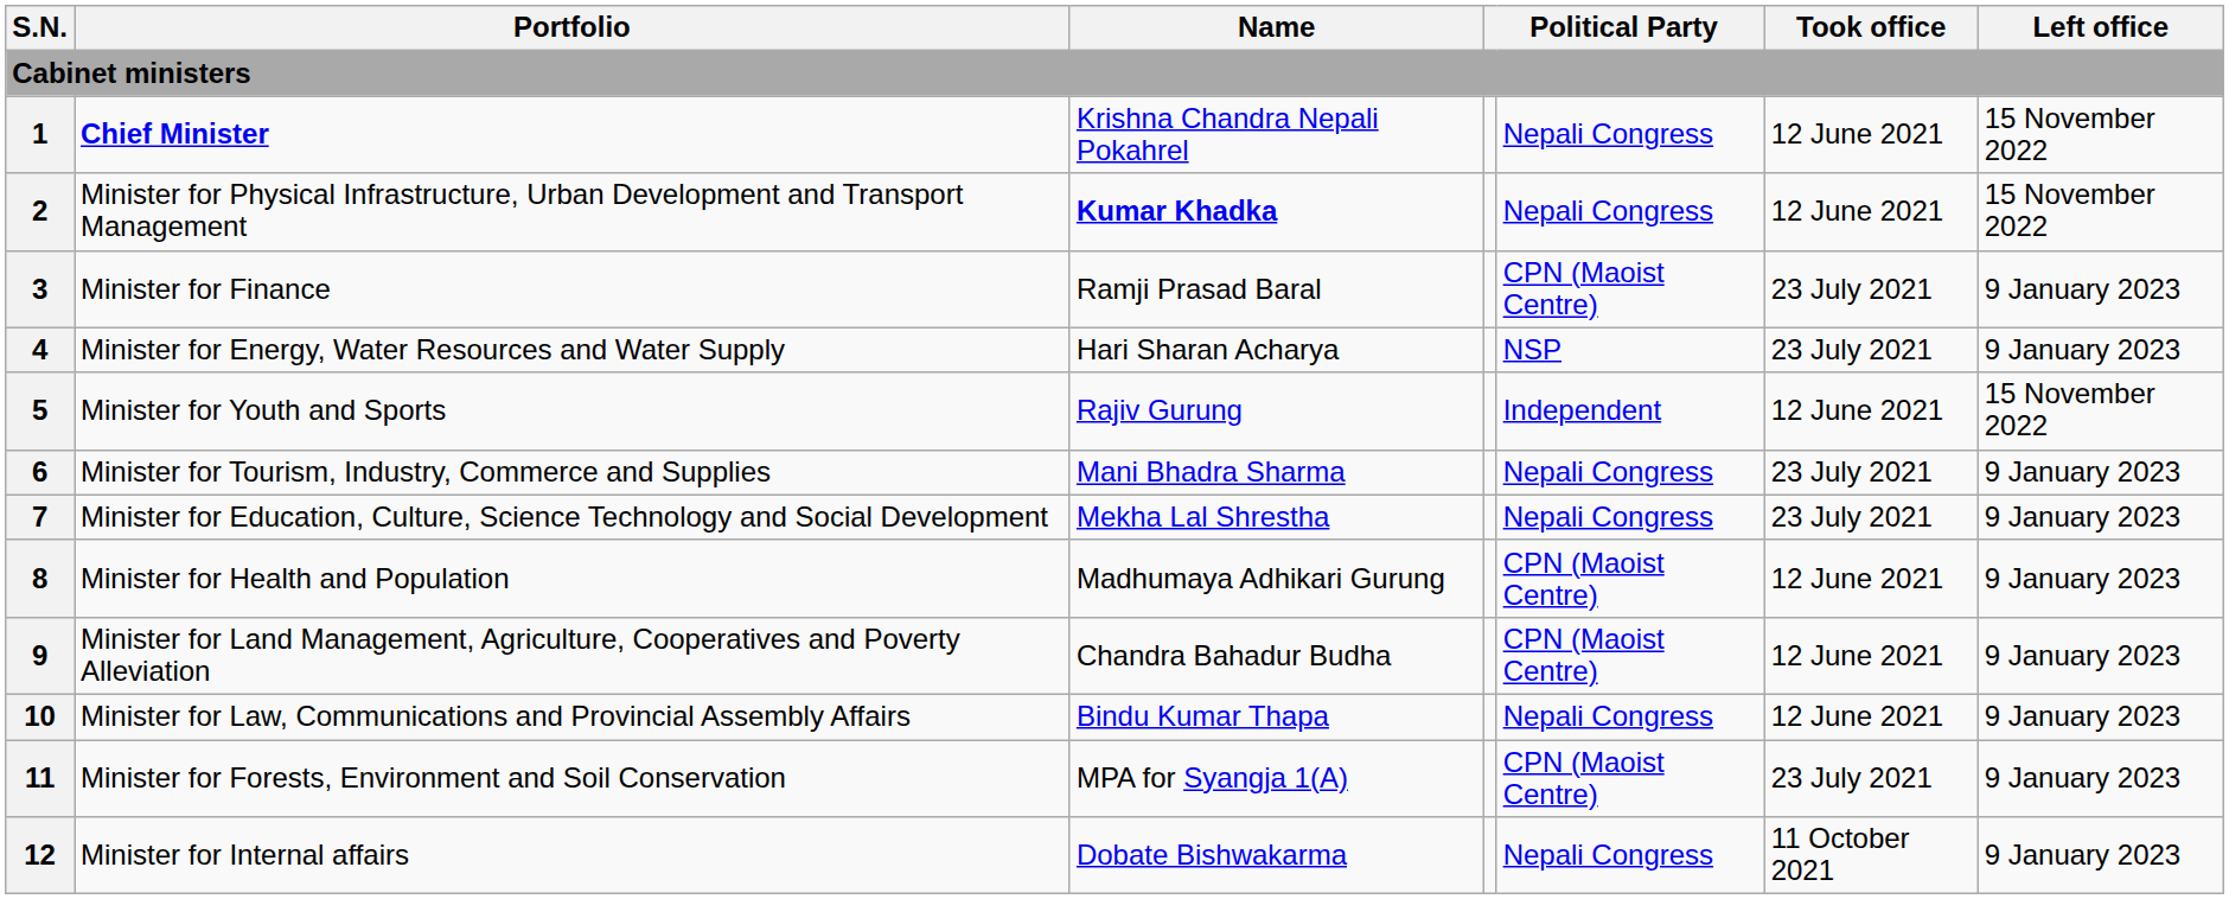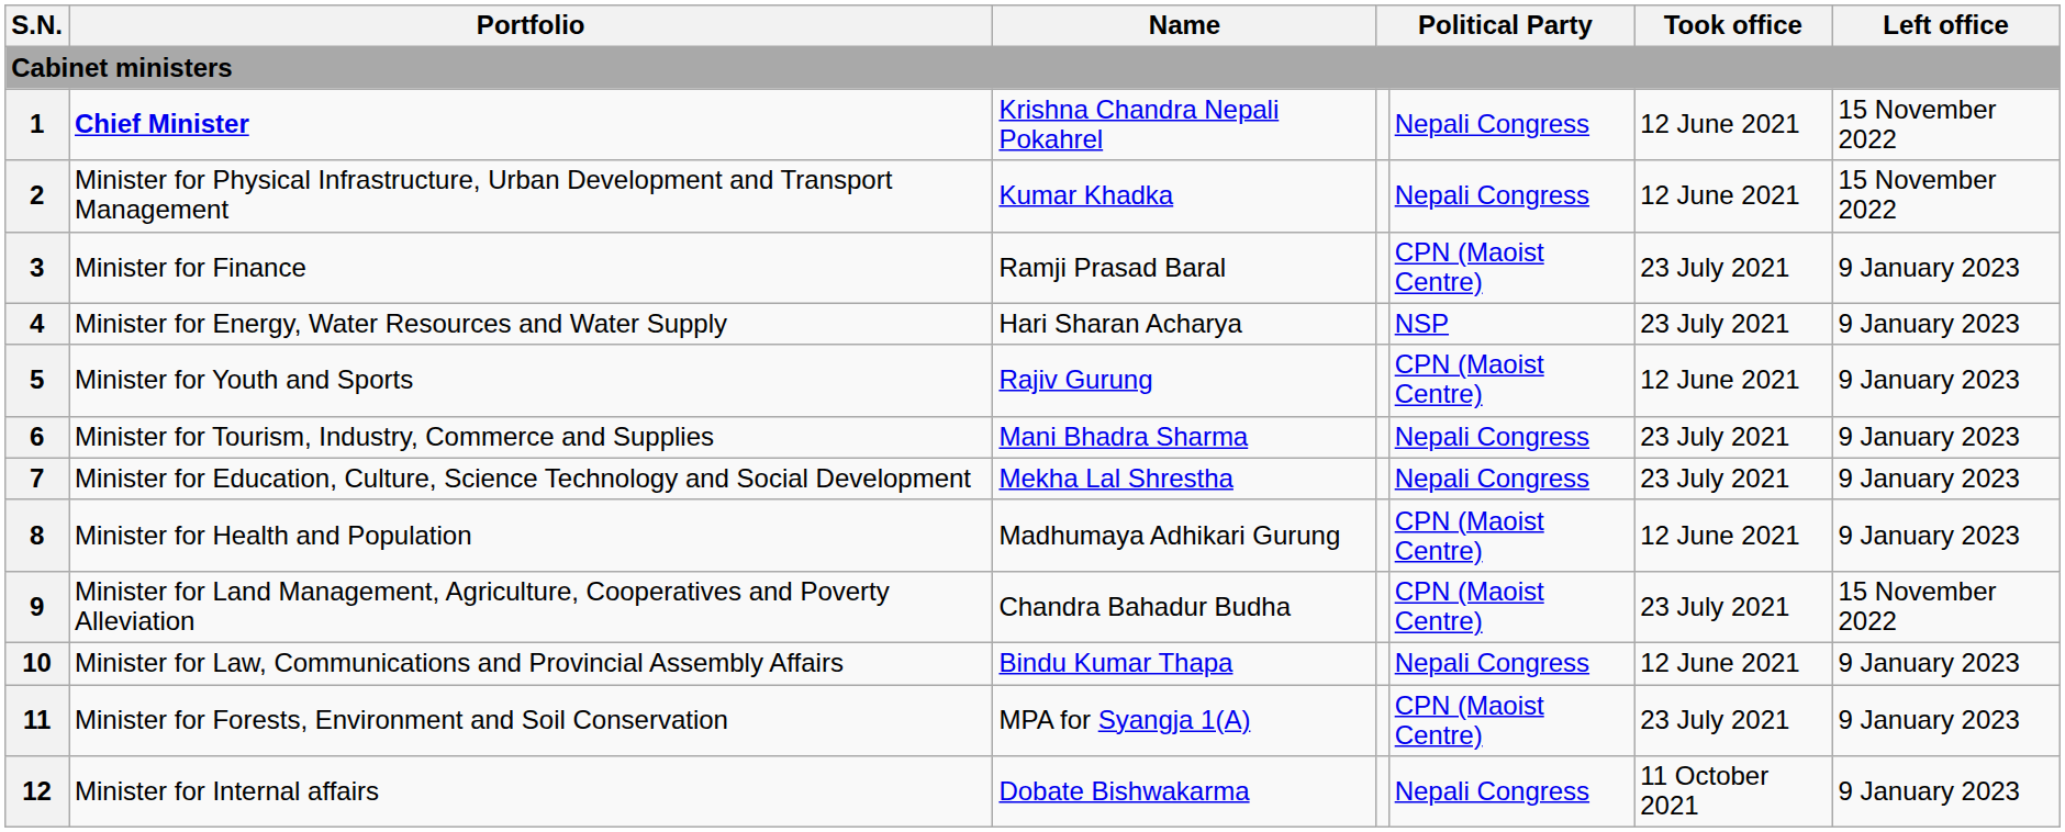 <table class="wikitable">
 <tr>
 <th>S.N.</th>
 <th>Portfolio</th>
 <th>Name<br></th>
 <th colspan="2">Political Party</th>
 <th>Took office</th>
 <th>Left office</th>
 </tr>
 <tr>
 <td colspan="7" bgcolor="darkgrey"><strong>Cabinet ministers</strong></td>
 </tr>
 <tr>
 <th>1</th>
 <td><strong><a href='#'>Chief Minister</a></strong></td>
 <td><a href='#'>Krishna Chandra Nepali Pokahrel</a><br></td>
 <td></td>
 <td><a href='#'>Nepali Congress</a></td>
 <td>12 June 2021</td>
 <td>15 November 2022</td>
 </tr>
 <tr>
 <th>2</th>
 <td>Minister for Physical Infrastructure, Urban Development and Transport Management</td>
-<td><strong><a href='#'>Kumar Khadka</a><br></strong></td>
+<td><a href='#'>Kumar Khadka</a><br></td>
 <td></td>
 <td><a href='#'>Nepali Congress</a></td>
 <td>12 June 2021</td>
 <td>15 November 2022</td>
 </tr>
 <tr>
 <th>3</th>
 <td>Minister for Finance</td>
 <td>Ramji Prasad Baral<br></td>
 <td></td>
 <td><a href='#'>CPN (Maoist Centre)</a></td>
 <td>23 July 2021</td>
 <td>9 January 2023</td>
 </tr>
 <tr>
 <th>4</th>
 <td>Minister for Energy, Water Resources and  Water Supply</td>
 <td>Hari Sharan Acharya<br></td>
 <td></td>
 <td><a href='#'>NSP</a></td>
 <td>23 July 2021</td>
 <td>9 January 2023</td>
 </tr>
 <tr>
 <th>5</th>
 <td>Minister for Youth and Sports</td>
 <td><a href='#'>Rajiv Gurung</a><br></td>
 <td></td>
-<td><a href='#'>Independent</a></td>
+<td><a href='#'>CPN (Maoist Centre)</a></td>
 <td>12 June 2021</td>
-<td>15 November 2022</td>
+<td>9 January 2023</td>
 </tr>
 <tr>
 <th>6</th>
 <td>Minister for Tourism, Industry, Commerce and Supplies</td>
 <td><a href='#'>Mani Bhadra Sharma</a><br></td>
 <td></td>
 <td><a href='#'>Nepali Congress</a></td>
 <td>23 July 2021</td>
 <td>9 January 2023</td>
 </tr>
 <tr>
 <th>7</th>
 <td>Minister for Education, Culture, Science Technology and Social Development</td>
 <td><a href='#'>Mekha Lal Shrestha</a><br></td>
 <td></td>
 <td><a href='#'>Nepali Congress</a></td>
 <td>23 July 2021</td>
 <td>9 January 2023</td>
 </tr>
 <tr>
 <th>8</th>
 <td>Minister for Health and Population</td>
 <td>Madhumaya Adhikari Gurung<br></td>
 <td></td>
 <td><a href='#'>CPN (Maoist Centre)</a></td>
 <td>12 June 2021</td>
 <td>9 January 2023</td>
 </tr>
 <tr>
 <th>9</th>
 <td>Minister for Land Management, Agriculture, Cooperatives and Poverty Alleviation</td>
 <td>Chandra Bahadur Budha<br></td>
 <td></td>
 <td><a href='#'>CPN (Maoist Centre)</a></td>
-<td>12 June 2021</td>
-<td>9 January 2023</td>
+<td>23 July 2021</td>
+<td>15 November 2022</td>
 </tr>
 <tr>
 <th>10</th>
 <td>Minister for Law, Communications and Provincial Assembly Affairs</td>
 <td><a href='#'>Bindu Kumar Thapa</a></td>
 <td></td>
 <td><a href='#'>Nepali Congress</a></td>
 <td>12 June 2021</td>
 <td>9 January 2023</td>
 </tr>
 <tr>
 <th>11</th>
 <td>Minister for Forests, Environment and Soil Conservation</td>
 <td Dipak Thapa>MPA for <a href='#'>Syangja 1(A)</a></td>
 <td></td>
 <td><a href='#'>CPN (Maoist Centre)</a></td>
 <td>23 July 2021</td>
 <td>9 January 2023</td>
 </tr>
 <tr>
 <th>12</th>
 <td>Minister for Internal affairs</td>
 <td><a href='#'>Dobate Bishwakarma</a></td>
 <td></td>
 <td><a href='#'>Nepali Congress</a></td>
 <td>11 October 2021</td>
 <td>9 January 2023</td>
 </tr>
 </table>
